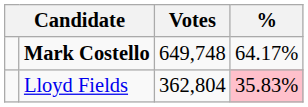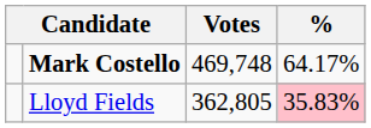 <table class="wikitable">
 <tr>
 <th colspan="2" rowspan="1" align="center" valign="top"><strong>Candidate</strong></th>
 <th valign="top"><strong>Votes</strong></th>
 <th valign="top"><strong>%</strong></th>
 </tr>
 <tr>
 <td style="background-color:"> </td>
 <td><strong>Mark Costello</strong></td>
-<td>649,748</td>
+<td>469,748</td>
 <td>64.17%</td>
 </tr>
 <tr>
 <td style="background-color:"> </td>
 <td><a href='#'>Lloyd Fields</a></td>
-<td>362,804</td>
+<td>362,805</td>
 <td style="background: pink;">35.83%</td>
 </tr>
 </table>
